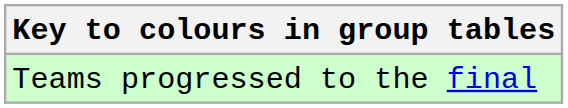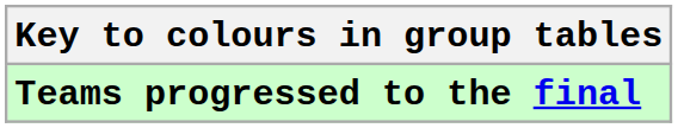 <table class="wikitable">
 <tr>
 <th>Key to colours in group tables</th>
 </tr>
 <tr bgcolor=#ccffcc>
-<td>Teams progressed to the <a href='#'>final</a></td>
+<td><strong>Teams progressed to the <a href='#'>final</a></strong></td>
 </tr>
 </table>
